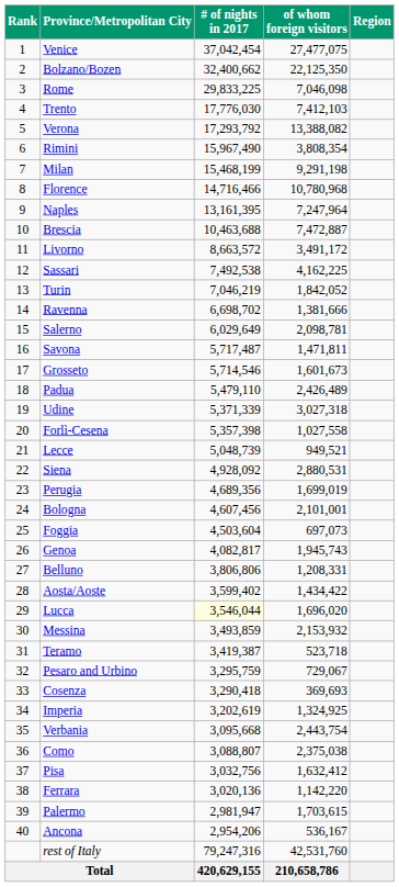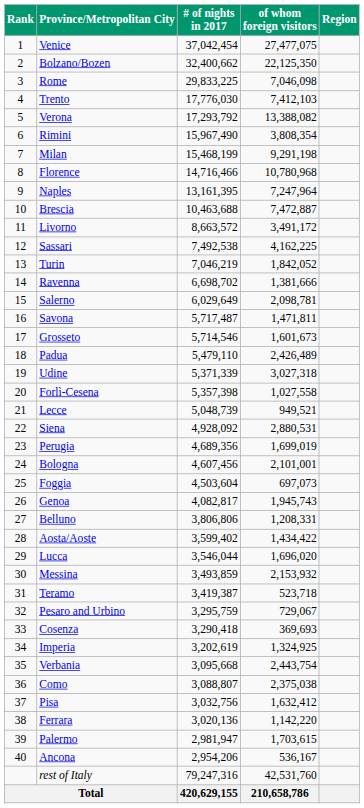 <table class="wikitable sortable" style="text-align:right;">
 <tr style="color:white;">
 <th style="background:#00966E;">Rank</th>
 <th style="background:#00966E;">Province/Metropolitan City</th>
 <th style="background:#00966E;"># of nights <br>in 2017</th>
 <th style="background:#00966E;">of whom<br>foreign visitors</th>
 <th style="background:#00966E;">Region</th>
 </tr>
 <tr>
 <td align=center>1</td>
 <td style="text-align:left;"><a href='#'>Venice</a></td>
 <td>37,042,454</td>
 <td>27,477,075</td>
 <td style="text-align:left;"></td>
 </tr>
 <tr>
 <td align=center>2</td>
 <td style="text-align:left;"><a href='#'>Bolzano/Bozen</a></td>
 <td>32,400,662</td>
 <td>22,125,350</td>
 <td style="text-align:left;"></td>
 </tr>
 <tr>
 <td align=center>3</td>
 <td style="text-align:left;"><a href='#'>Rome</a></td>
 <td>29,833,225</td>
 <td>7,046,098</td>
 <td style="text-align:left;"></td>
 </tr>
 <tr>
 <td align=center>4</td>
 <td style="text-align:left;"><a href='#'>Trento</a></td>
 <td>17,776,030</td>
 <td>7,412,103</td>
 <td style="text-align:left;"></td>
 </tr>
 <tr>
 <td align=center>5</td>
 <td style="text-align:left;"><a href='#'>Verona</a></td>
 <td>17,293,792</td>
 <td>13,388,082</td>
 <td style="text-align:left;"></td>
 </tr>
 <tr>
 <td align=center>6</td>
 <td style="text-align:left;"><a href='#'>Rimini</a></td>
 <td>15,967,490</td>
 <td>3,808,354</td>
 <td style="text-align:left;"></td>
 </tr>
 <tr>
 <td align=center>7</td>
 <td style="text-align:left;"><a href='#'>Milan</a></td>
 <td>15,468,199</td>
 <td>9,291,198</td>
 <td style="text-align:left;"></td>
 </tr>
 <tr>
 <td align=center>8</td>
 <td style="text-align:left;"><a href='#'>Florence</a></td>
 <td>14,716,466</td>
 <td>10,780,968</td>
 <td style="text-align:left;"></td>
 </tr>
 <tr>
 <td align=center>9</td>
 <td style="text-align:left;"><a href='#'>Naples</a></td>
 <td>13,161,395</td>
 <td>7,247,964</td>
 <td style="text-align:left;"></td>
 </tr>
 <tr>
 <td align=center>10</td>
 <td style="text-align:left;"><a href='#'>Brescia</a></td>
 <td>10,463,688</td>
 <td>7,472,887</td>
 <td style="text-align:left;"></td>
 </tr>
 <tr>
 <td align=center>11</td>
 <td style="text-align:left;"><a href='#'>Livorno</a></td>
 <td>8,663,572</td>
 <td>3,491,172</td>
 <td style="text-align:left;"></td>
 </tr>
 <tr>
 <td align=center>12</td>
 <td style="text-align:left;"><a href='#'>Sassari</a></td>
 <td>7,492,538</td>
 <td>4,162,225</td>
 <td style="text-align:left;"></td>
 </tr>
 <tr>
 <td align=center>13</td>
 <td style="text-align:left;"><a href='#'>Turin</a></td>
 <td>7,046,219</td>
 <td>1,842,052</td>
 <td style="text-align:left;"></td>
 </tr>
 <tr>
 <td align=center>14</td>
 <td style="text-align:left;"><a href='#'>Ravenna</a></td>
 <td>6,698,702</td>
 <td>1,381,666</td>
 <td style="text-align:left;"></td>
 </tr>
 <tr>
 <td align=center>15</td>
 <td style="text-align:left;"><a href='#'>Salerno</a></td>
 <td>6,029,649</td>
 <td>2,098,781</td>
 <td style="text-align:left;"></td>
 </tr>
 <tr>
 <td align=center>16</td>
 <td style="text-align:left;"><a href='#'>Savona</a></td>
 <td>5,717,487</td>
 <td>1,471,811</td>
 <td style="text-align:left;"></td>
 </tr>
 <tr>
 <td align=center>17</td>
 <td style="text-align:left;"><a href='#'>Grosseto</a></td>
 <td>5,714,546</td>
 <td>1,601,673</td>
 <td style="text-align:left;"></td>
 </tr>
 <tr>
 <td align=center>18</td>
 <td style="text-align:left;"><a href='#'>Padua</a></td>
 <td>5,479,110</td>
 <td>2,426,489</td>
 <td style="text-align:left;"></td>
 </tr>
 <tr>
 <td align=center>19</td>
 <td style="text-align:left;"><a href='#'>Udine</a></td>
 <td>5,371,339</td>
 <td>3,027,318</td>
 <td style="text-align:left;"></td>
 </tr>
 <tr>
 <td align=center>20</td>
 <td style="text-align:left;"><a href='#'>Forlì-Cesena</a></td>
 <td>5,357,398</td>
 <td>1,027,558</td>
 <td style="text-align:left;"></td>
 </tr>
 <tr>
 <td align=center>21</td>
 <td style="text-align:left;"><a href='#'>Lecce</a></td>
 <td>5,048,739</td>
 <td>949,521</td>
 <td style="text-align:left;"></td>
 </tr>
 <tr>
 <td align=center>22</td>
 <td style="text-align:left;"><a href='#'>Siena</a></td>
 <td>4,928,092</td>
 <td>2,880,531</td>
 <td style="text-align:left;"></td>
 </tr>
 <tr>
 <td align=center>23</td>
 <td style="text-align:left;"><a href='#'>Perugia</a></td>
 <td>4,689,356</td>
 <td>1,699,019</td>
 <td style="text-align:left;"></td>
 </tr>
 <tr>
 <td align=center>24</td>
 <td style="text-align:left;"><a href='#'>Bologna</a></td>
 <td>4,607,456</td>
 <td>2,101,001</td>
 <td style="text-align:left;"></td>
 </tr>
 <tr>
 <td align=center>25</td>
 <td style="text-align:left;"><a href='#'>Foggia</a></td>
 <td>4,503,604</td>
 <td>697,073</td>
 <td style="text-align:left;"></td>
 </tr>
 <tr>
 <td align=center>26</td>
 <td style="text-align:left;"><a href='#'>Genoa</a></td>
 <td>4,082,817</td>
 <td>1,945,743</td>
 <td style="text-align:left;"></td>
 </tr>
 <tr>
 <td align=center>27</td>
 <td style="text-align:left;"><a href='#'>Belluno</a></td>
 <td>3,806,806</td>
 <td>1,208,331</td>
 <td style="text-align:left;"></td>
 </tr>
 <tr>
 <td align=center>28</td>
 <td style="text-align:left;"><a href='#'>Aosta/Aoste</a></td>
 <td>3,599,402</td>
 <td>1,434,422</td>
 <td style="text-align:left;"></td>
 </tr>
 <tr>
 <td align=center>29</td>
 <td style="text-align:left;"><a href='#'>Lucca</a></td>
-<td style="background: lightyellow;">3,546,044</td>
+<td>3,546,044</td>
 <td>1,696,020</td>
 <td style="text-align:left;"></td>
 </tr>
 <tr>
 <td align=center>30</td>
 <td style="text-align:left;"><a href='#'>Messina</a></td>
 <td>3,493,859</td>
 <td>2,153,932</td>
 <td style="text-align:left;"></td>
 </tr>
 <tr>
 <td align=center>31</td>
 <td style="text-align:left;"><a href='#'>Teramo</a></td>
 <td>3,419,387</td>
 <td>523,718</td>
 <td style="text-align:left;"></td>
 </tr>
 <tr>
 <td align=center>32</td>
 <td style="text-align:left;"><a href='#'>Pesaro and Urbino</a></td>
 <td>3,295,759</td>
 <td>729,067</td>
 <td style="text-align:left;"></td>
 </tr>
 <tr>
 <td align=center>33</td>
 <td style="text-align:left;"><a href='#'>Cosenza</a></td>
 <td>3,290,418</td>
 <td>369,693</td>
 <td style="text-align:left;"></td>
 </tr>
 <tr>
 <td align=center>34</td>
 <td style="text-align:left;"><a href='#'>Imperia</a></td>
 <td>3,202,619</td>
 <td>1,324,925</td>
 <td style="text-align:left;"></td>
 </tr>
 <tr>
 <td align=center>35</td>
 <td style="text-align:left;"><a href='#'>Verbania</a></td>
 <td>3,095,668</td>
 <td>2,443,754</td>
 <td style="text-align:left;"></td>
 </tr>
 <tr>
 <td align=center>36</td>
 <td style="text-align:left;"><a href='#'>Como</a></td>
 <td>3,088,807</td>
 <td>2,375,038</td>
 <td style="text-align:left;"></td>
 </tr>
 <tr>
 <td align=center>37</td>
 <td style="text-align:left;"><a href='#'>Pisa</a></td>
 <td>3,032,756</td>
 <td>1,632,412</td>
 <td style="text-align:left;"></td>
 </tr>
 <tr>
 <td align=center>38</td>
 <td style="text-align:left;"><a href='#'>Ferrara</a></td>
 <td>3,020,136</td>
 <td>1,142,220</td>
 <td style="text-align:left;"></td>
 </tr>
 <tr>
 <td align=center>39</td>
 <td style="text-align:left;"><a href='#'>Palermo</a></td>
 <td>2,981,947</td>
 <td>1,703,615</td>
 <td style="text-align:left;"></td>
 </tr>
 <tr>
 <td align=center>40</td>
 <td style="text-align:left;"><a href='#'>Ancona</a></td>
 <td>2,954,206</td>
 <td>536,167</td>
 <td style="text-align:left;"></td>
 </tr>
 <tr>
 <td></td>
 <td style="text-align:left;"><em>rest of Italy</em></td>
 <td>79,247,316</td>
 <td>42,531,760</td>
 <td></td>
 </tr>
 <tr>
 <th colspan=2>Total</th>
 <th>420,629,155</th>
 <th>210,658,786</th>
 <th></th>
 </tr>
 </table>
